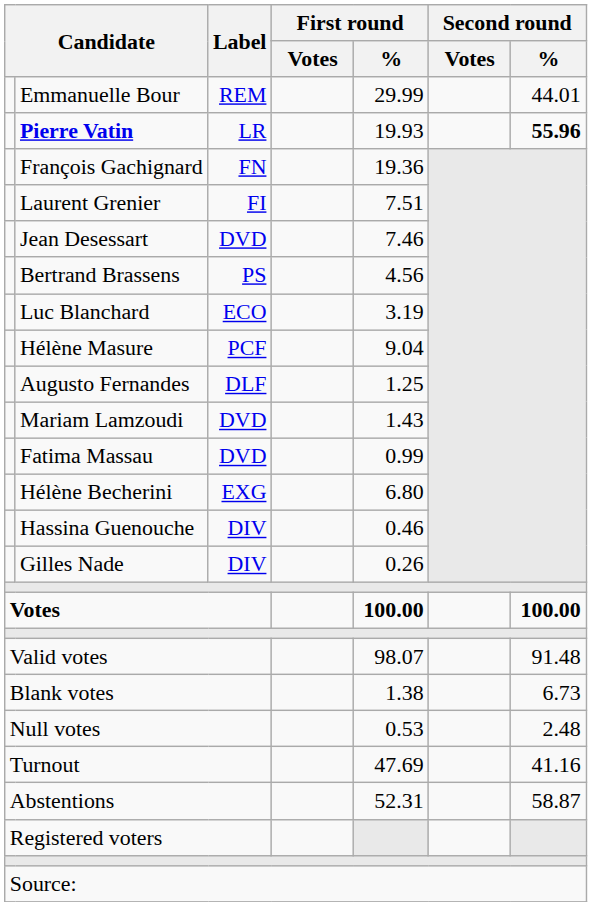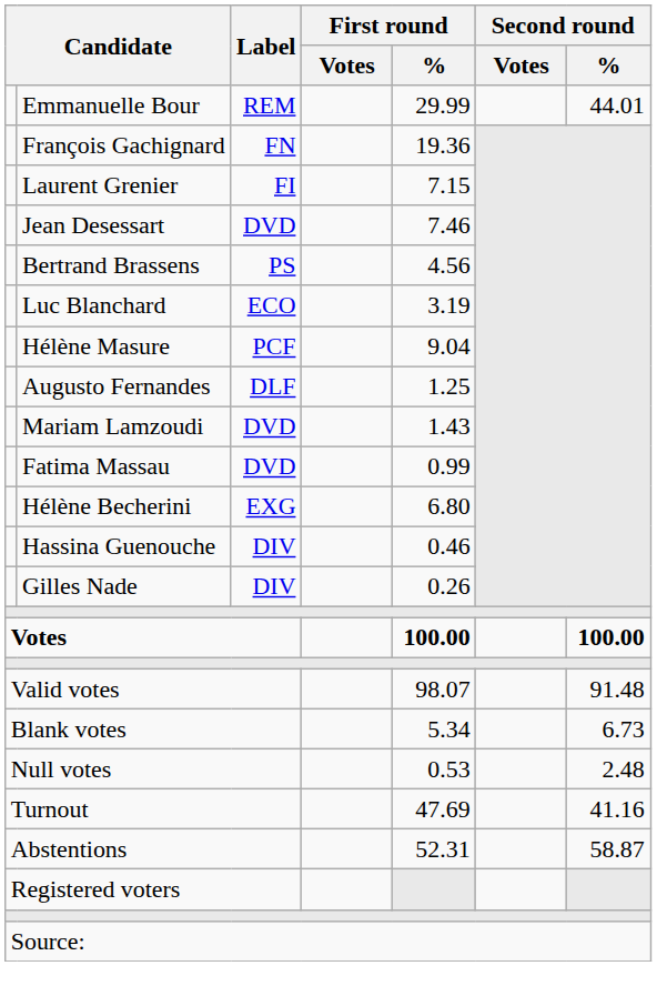 <table class="wikitable" style="text-align:right;font-size:95%;">
 <tr>
 <th rowspan="2" colspan="2">Candidate</th>
 <th rowspan="2">Label</th>
 <th colspan="2">First round</th>
 <th colspan="2">Second round</th>
 </tr>
 <tr>
 <th style="width:50px;">Votes</th>
 <th style="width:45px;">%</th>
 <th style="width:50px;">Votes</th>
 <th style="width:45px;">%</th>
 </tr>
 <tr>
 <td style="color:inherit;background:"></td>
 <td style="text-align:left;">Emmanuelle Bour</td>
 <td><a href='#'>REM</a></td>
 <td></td>
 <td>29.99</td>
 <td></td>
 <td>44.01</td>
 </tr>
 <tr>
 <td style="color:inherit;background:"></td>
-<td style="text-align:left;"><strong><a href='#'>Pierre Vatin</a></strong></td>
-<td><a href='#'>LR</a></td>
-<td></td>
-<td>19.93</td>
-<td><strong></strong></td>
-<td><strong>55.96</strong></td>
-</tr>
-<tr>
-<td style="color:inherit;background:"></td>
 <td style="text-align:left;">François Gachignard</td>
 <td><a href='#'>FN</a></td>
 <td></td>
 <td>19.36</td>
 <td colspan="2" rowspan="12" style="background:#E9E9E9;"></td>
 </tr>
 <tr>
 <td style="color:inherit;background:"></td>
 <td style="text-align:left;">Laurent Grenier</td>
 <td><a href='#'>FI</a></td>
 <td></td>
-<td>7.51</td>
+<td>7.15</td>
 </tr>
 <tr>
 <td style="color:inherit;background:"></td>
 <td style="text-align:left;">Jean Desessart</td>
 <td><a href='#'>DVD</a></td>
 <td></td>
 <td>7.46</td>
 </tr>
 <tr>
 <td style="color:inherit;background:"></td>
 <td style="text-align:left;">Bertrand Brassens</td>
 <td><a href='#'>PS</a></td>
 <td></td>
 <td>4.56</td>
 </tr>
 <tr>
 <td style="color:inherit;background:"></td>
 <td style="text-align:left;">Luc Blanchard</td>
 <td><a href='#'>ECO</a></td>
 <td></td>
 <td>3.19</td>
 </tr>
 <tr>
 <td style="color:inherit;background:"></td>
 <td style="text-align:left;">Hélène Masure</td>
 <td><a href='#'>PCF</a></td>
 <td></td>
 <td>9.04</td>
 </tr>
 <tr>
 <td style="color:inherit;background:"></td>
 <td style="text-align:left;">Augusto Fernandes</td>
 <td><a href='#'>DLF</a></td>
 <td></td>
 <td>1.25</td>
 </tr>
 <tr>
 <td style="color:inherit;background:"></td>
 <td style="text-align:left;">Mariam Lamzoudi</td>
 <td><a href='#'>DVD</a></td>
 <td></td>
 <td>1.43</td>
 </tr>
 <tr>
 <td style="color:inherit;background:"></td>
 <td style="text-align:left;">Fatima Massau</td>
 <td><a href='#'>DVD</a></td>
 <td></td>
 <td>0.99</td>
 </tr>
 <tr>
 <td style="color:inherit;background:"></td>
 <td style="text-align:left;">Hélène Becherini</td>
 <td><a href='#'>EXG</a></td>
 <td></td>
 <td>6.80</td>
 </tr>
 <tr>
 <td style="color:inherit;background:"></td>
 <td style="text-align:left;">Hassina Guenouche</td>
 <td><a href='#'>DIV</a></td>
 <td></td>
 <td>0.46</td>
 </tr>
 <tr>
 <td style="color:inherit;background:"></td>
 <td style="text-align:left;">Gilles Nade</td>
 <td><a href='#'>DIV</a></td>
 <td></td>
 <td>0.26</td>
 </tr>
 <tr>
 <td colspan="7" style="background:#E9E9E9;"></td>
 </tr>
 <tr style="font-weight:bold;">
 <td colspan="3" style="text-align:left;">Votes</td>
 <td></td>
 <td>100.00</td>
 <td></td>
 <td>100.00</td>
 </tr>
 <tr>
 <td colspan="7" style="background:#E9E9E9;"></td>
 </tr>
 <tr>
 <td colspan="3" style="text-align:left;">Valid votes</td>
 <td></td>
 <td>98.07</td>
 <td></td>
 <td>91.48</td>
 </tr>
 <tr>
 <td colspan="3" style="text-align:left;">Blank votes</td>
 <td></td>
-<td>1.38</td>
+<td>5.34</td>
 <td></td>
 <td>6.73</td>
 </tr>
 <tr>
 <td colspan="3" style="text-align:left;">Null votes</td>
 <td></td>
 <td>0.53</td>
 <td></td>
 <td>2.48</td>
 </tr>
 <tr>
 <td colspan="3" style="text-align:left;">Turnout</td>
 <td></td>
 <td>47.69</td>
 <td></td>
 <td>41.16</td>
 </tr>
 <tr>
 <td colspan="3" style="text-align:left;">Abstentions</td>
 <td></td>
 <td>52.31</td>
 <td></td>
 <td>58.87</td>
 </tr>
 <tr>
 <td colspan="3" style="text-align:left;">Registered voters</td>
 <td></td>
 <td style="background:#E9E9E9;"></td>
 <td></td>
 <td style="background:#E9E9E9;"></td>
 </tr>
 <tr>
 <td colspan="7" style="background:#E9E9E9;"></td>
 </tr>
 <tr>
 <td colspan="7" style="text-align:left;">Source: </td>
 </tr>
 </table>
